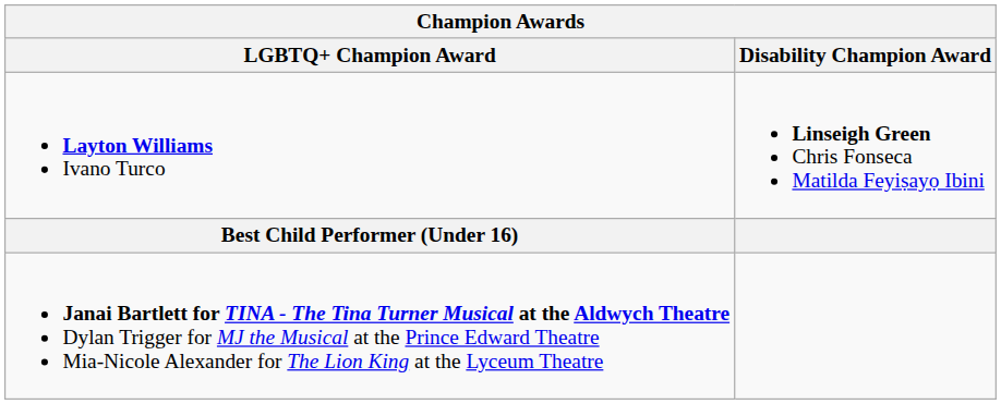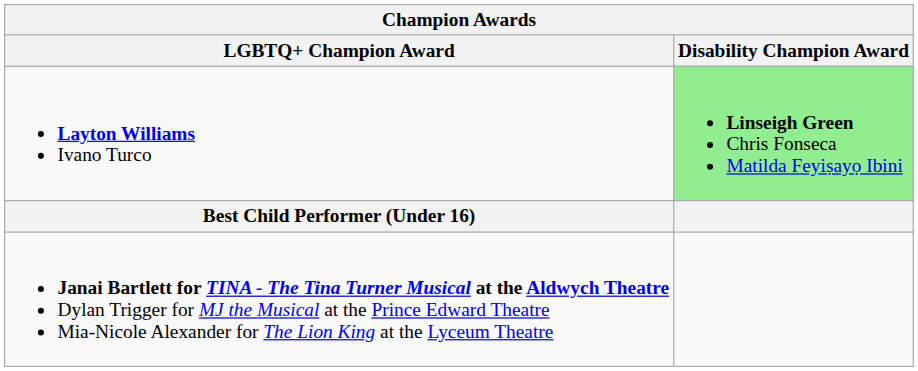 <table class="wikitable">
 <tr>
 <th colspan="2">Champion Awards</th>
 </tr>
 <tr>
 <th>LGBTQ+ Champion Award</th>
 <th>Disability Champion Award</th>
 </tr>
 <tr>
 <td><br><ul><li><strong><a href='#'>Layton Williams</a></strong></li><li>Ivano Turco</li></ul></td>
-<td><br><ul><li><strong>Linseigh Green</strong></li><li>Chris Fonseca</li><li><a href='#'>Matilda Feyiṣayọ Ibini</a></li></ul></td>
+<td style="background: lightgreen;"><br><ul><li><strong>Linseigh Green</strong></li><li>Chris Fonseca</li><li><a href='#'>Matilda Feyiṣayọ Ibini</a></li></ul></td>
 </tr>
 <tr>
 <th>Best Child Performer (Under 16)</th>
 <th></th>
 </tr>
 <tr>
 <td><br><ul><li><strong>Janai Bartlett for <a href='#'><em>TINA - The Tina Turner Musical</em></a> at the <a href='#'>Aldwych Theatre</a></strong></li><li>Dylan Trigger for <em><a href='#'>MJ the Musical</a></em> at the <a href='#'>Prince Edward Theatre</a></li><li>Mia-Nicole Alexander for <em><a href='#'>The Lion King</a></em> at the <a href='#'>Lyceum Theatre</a></li></ul></td>
 <td></td>
 </tr>
 </table>
